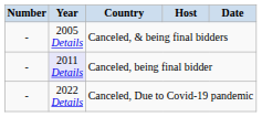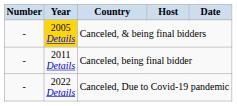 <table class="wikitable">
 <tr>
 <th style="background:#cde;">Number</th>
 <th style="background:#cde;">Year</th>
 <th style="background:#cde;">Country</th>
 <th style="background:#cde;">Host</th>
 <th style="background:#cde;">Date</th>
 </tr>
 <tr>
 <td align=center>-</td>
-<td align=center>2005<br><em><a href='#'>Details</a></em></td>
+<td align=center style="background: gold;">2005<br><em><a href='#'>Details</a></em></td>
 <td colspan="3">Canceled,  &  being final bidders</td>
 </tr>
 <tr>
 <td align=center>-</td>
-<td align=center style="background: lavender;">2011<br><em><a href='#'>Details</a></em></td>
+<td align=center>2011<br><em><a href='#'>Details</a></em></td>
 <td colspan="3">Canceled,  being final bidder</td>
 </tr>
 <tr>
 <td align=center>-</td>
 <td align=center>2022<br><em><a href='#'>Details</a></em></td>
 <td colspan="3">Canceled,  Due to Covid-19 pandemic</td>
 </tr>
 </table>
